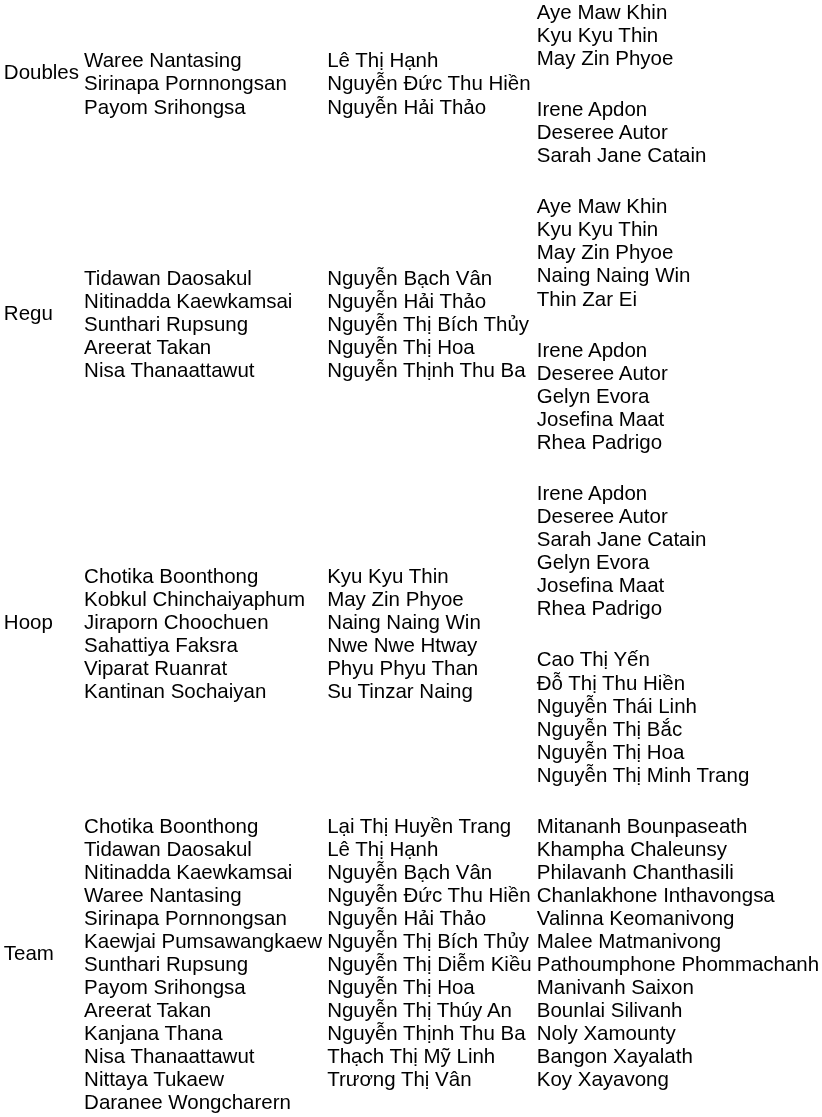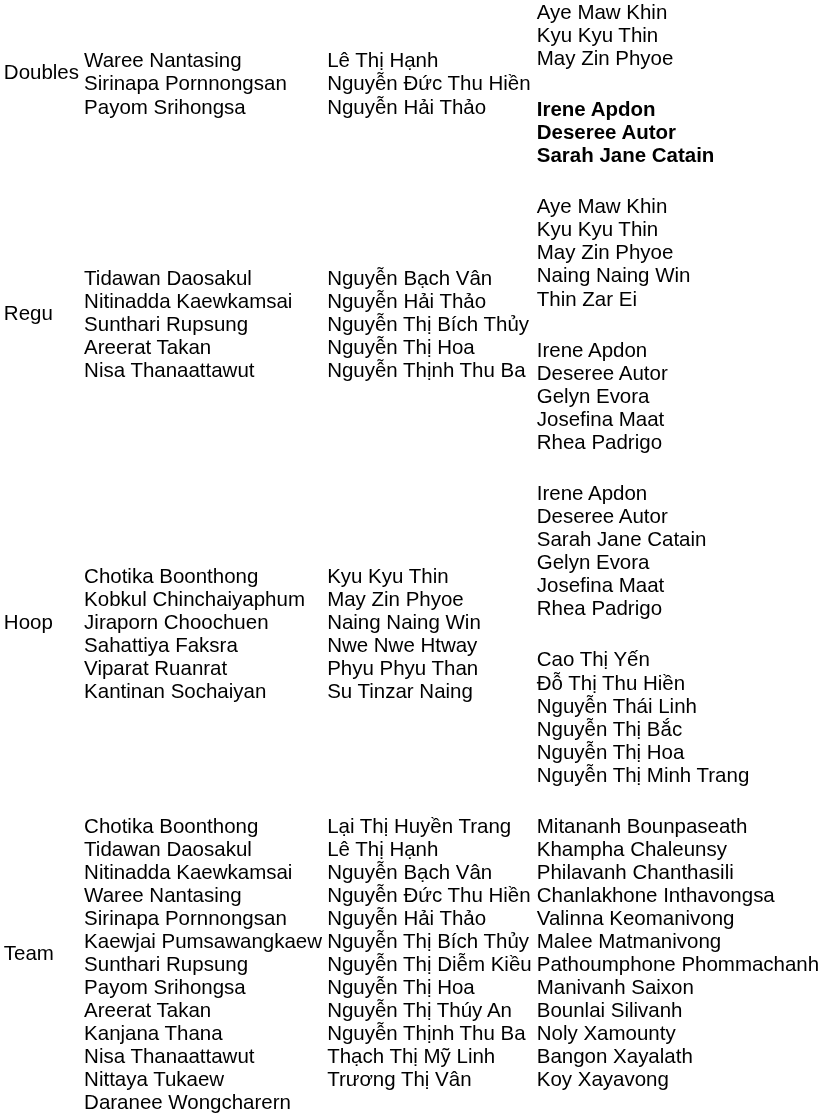 <table>
 <tr>
 <td rowspan=2>Doubles</td>
 <td rowspan=2><br>Waree Nantasing<br>Sirinapa Pornnongsan<br>Payom Srihongsa</td>
 <td rowspan=2><br>Lê Thị Hạnh<br>Nguyễn Đức Thu Hiền<br>Nguyễn Hải Thảo</td>
 <td><br>Aye Maw Khin<br>Kyu Kyu Thin<br>May Zin Phyoe</td>
 </tr>
 <tr>
-<td><br>Irene Apdon<br>Deseree Autor<br>Sarah Jane Catain</td>
+<td><strong><br>Irene Apdon<br>Deseree Autor<br>Sarah Jane Catain</strong></td>
 </tr>
 <tr>
 <td rowspan=2>Regu</td>
 <td rowspan=2><br>Tidawan Daosakul<br>Nitinadda Kaewkamsai<br>Sunthari Rupsung<br>Areerat Takan<br>Nisa Thanaattawut</td>
 <td rowspan=2><br>Nguyễn Bạch Vân<br>Nguyễn Hải Thảo<br>Nguyễn Thị Bích Thủy<br>Nguyễn Thị Hoa<br>Nguyễn Thịnh Thu Ba</td>
 <td><br>Aye Maw Khin<br>Kyu Kyu Thin<br>May Zin Phyoe<br>Naing Naing Win<br>Thin Zar Ei</td>
 </tr>
 <tr>
 <td><br>Irene Apdon<br>Deseree Autor<br>Gelyn Evora<br>Josefina Maat<br>Rhea Padrigo</td>
 </tr>
 <tr>
 <td rowspan=2>Hoop</td>
 <td rowspan=2><br>Chotika Boonthong<br>Kobkul Chinchaiyaphum<br>Jiraporn Choochuen<br>Sahattiya Faksra<br>Viparat Ruanrat<br>Kantinan Sochaiyan</td>
 <td rowspan=2><br>Kyu Kyu Thin<br>May Zin Phyoe<br>Naing Naing Win<br>Nwe Nwe Htway<br>Phyu Phyu Than<br>Su Tinzar Naing</td>
 <td><br>Irene Apdon<br>Deseree Autor<br>Sarah Jane Catain<br>Gelyn Evora<br>Josefina Maat<br>Rhea Padrigo</td>
 </tr>
 <tr>
 <td><br>Cao Thị Yến<br>Đỗ Thị Thu Hiền<br>Nguyễn Thái Linh<br>Nguyễn Thị Bắc<br>Nguyễn Thị Hoa<br>Nguyễn Thị Minh Trang</td>
 </tr>
 <tr>
 <td>Team</td>
 <td nowrap=true><br>Chotika Boonthong<br>Tidawan Daosakul<br>Nitinadda Kaewkamsai<br>Waree Nantasing<br>Sirinapa Pornnongsan<br>Kaewjai Pumsawangkaew<br>Sunthari Rupsung<br>Payom Srihongsa<br>Areerat Takan<br>Kanjana Thana<br>Nisa Thanaattawut<br>Nittaya Tukaew<br>Daranee Wongcharern</td>
 <td valign=top nowrap=true><br>Lại Thị Huyền Trang<br>Lê Thị Hạnh<br>Nguyễn Bạch Vân<br>Nguyễn Đức Thu Hiền<br>Nguyễn Hải Thảo<br>Nguyễn Thị Bích Thủy<br>Nguyễn Thị Diễm Kiều<br>Nguyễn Thị Hoa<br>Nguyễn Thị Thúy An<br>Nguyễn Thịnh Thu Ba<br>Thạch Thị Mỹ Linh<br>Trương Thị Vân</td>
 <td valign=top nowrap=true><br>Mitananh Bounpaseath<br>Khampha Chaleunsy<br>Philavanh Chanthasili<br>Chanlakhone Inthavongsa<br>Valinna Keomanivong<br>Malee Matmanivong<br>Pathoumphone Phommachanh<br>Manivanh Saixon<br>Bounlai Silivanh<br>Noly Xamounty<br>Bangon Xayalath<br>Koy Xayavong</td>
 </tr>
 </table>
